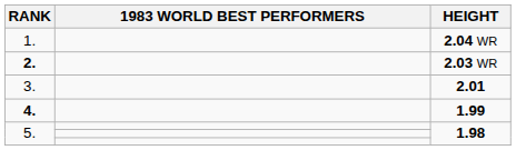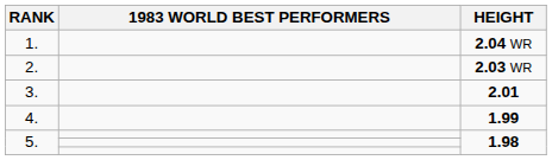 <table class=wikitable>
 <tr>
 <th>RANK</th>
 <th align="center" style="width: 25em">1983 WORLD BEST PERFORMERS</th>
 <th align="center" style="width: 5em">HEIGHT</th>
 </tr>
 <tr>
 <td align="center">1.</td>
 <td></td>
 <td align="center"><strong>2.04</strong> <small>WR</small></td>
 </tr>
 <tr>
-<td align="center"><strong>2.</strong></td>
+<td align="center">2.</td>
 <td></td>
 <td align="center"><strong>2.03</strong> <small>WR</small></td>
 </tr>
 <tr>
 <td align="center">3.</td>
 <td></td>
 <td align="center"><strong>2.01</strong></td>
 </tr>
 <tr>
-<td align="center"><strong>4.</strong></td>
+<td align="center">4.</td>
 <td></td>
 <td align="center"><strong>1.99</strong></td>
 </tr>
 <tr>
 <td rowspan=3 align="center">5.</td>
 <td></td>
 <td rowspan=3 align="center"><strong>1.98</strong></td>
 </tr>
 <tr>
 <td></td>
 </tr>
 <tr>
 <td></td>
 </tr>
 </table>
